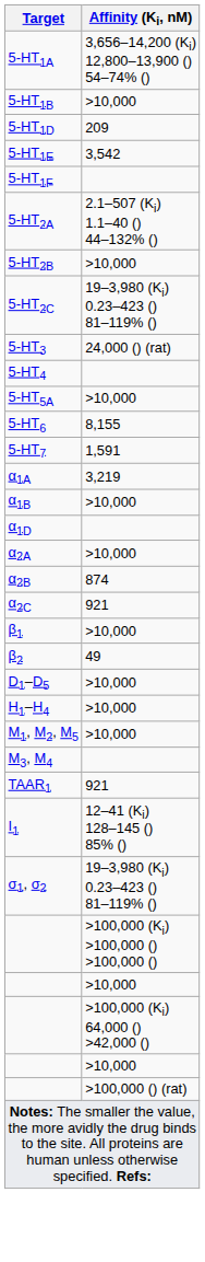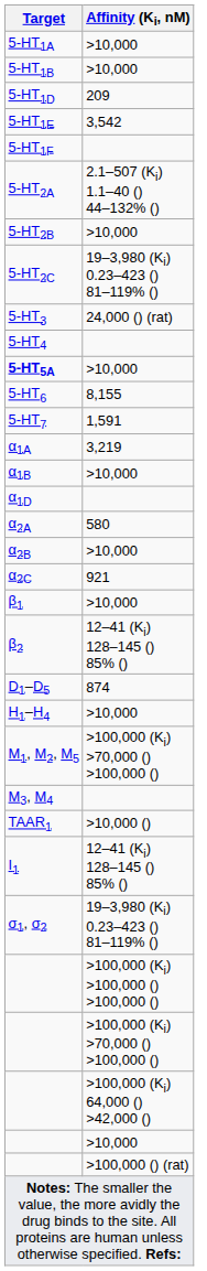 <table class="wikitable floatleft" style="font-size:small;">
 <tr>
 <th><a href='#'>Target</a></th>
 <th><a href='#'>Affinity</a> (K<sub>i</sub>, nM)</th>
 </tr>
 <tr>
 <td><a href='#'>5-HT<sub>1A</sub></a></td>
-<td>3,656–14,200 (K<sub>i</sub>)<br>12,800–13,900 ()<br>54–74% ()</td>
+<td>>10,000</td>
 </tr>
 <tr>
 <td><a href='#'>5-HT<sub>1B</sub></a></td>
 <td>>10,000</td>
 </tr>
 <tr>
 <td><a href='#'>5-HT<sub>1D</sub></a></td>
 <td>209</td>
 </tr>
 <tr>
 <td><a href='#'>5-HT<sub>1E</sub></a></td>
 <td>3,542</td>
 </tr>
 <tr>
 <td><a href='#'>5-HT<sub>1F</sub></a></td>
 <td></td>
 </tr>
 <tr>
 <td><a href='#'>5-HT<sub>2A</sub></a></td>
 <td>2.1–507 (K<sub>i</sub>)<br>1.1–40 ()<br>44–132% ()</td>
 </tr>
 <tr>
 <td><a href='#'>5-HT<sub>2B</sub></a></td>
 <td>>10,000</td>
 </tr>
 <tr>
 <td><a href='#'>5-HT<sub>2C</sub></a></td>
 <td>19–3,980 (K<sub>i</sub>)<br>0.23–423 ()<br>81–119% ()</td>
 </tr>
 <tr>
 <td><a href='#'>5-HT<sub>3</sub></a></td>
 <td>24,000 () (rat)</td>
 </tr>
 <tr>
 <td><a href='#'>5-HT<sub>4</sub></a></td>
 <td></td>
 </tr>
 <tr>
-<td><a href='#'>5-HT<sub>5A</sub></a></td>
+<td><strong><a href='#'>5-HT<sub>5A</sub></a></strong></td>
 <td>>10,000</td>
 </tr>
 <tr>
 <td><a href='#'>5-HT<sub>6</sub></a></td>
 <td>8,155</td>
 </tr>
 <tr>
 <td><a href='#'>5-HT<sub>7</sub></a></td>
 <td>1,591</td>
 </tr>
 <tr>
 <td><a href='#'>α<sub>1A</sub></a></td>
 <td>3,219</td>
 </tr>
 <tr>
 <td><a href='#'>α<sub>1B</sub></a></td>
 <td>>10,000</td>
 </tr>
 <tr>
 <td><a href='#'>α<sub>1D</sub></a></td>
 <td></td>
 </tr>
 <tr>
 <td><a href='#'>α<sub>2A</sub></a></td>
-<td>>10,000</td>
+<td>580</td>
 </tr>
 <tr>
 <td><a href='#'>α<sub>2B</sub></a></td>
-<td>874</td>
+<td>>10,000</td>
 </tr>
 <tr>
 <td><a href='#'>α<sub>2C</sub></a></td>
 <td>921</td>
 </tr>
 <tr>
 <td><a href='#'>β<sub>1</sub></a></td>
 <td>>10,000</td>
 </tr>
 <tr>
 <td><a href='#'>β<sub>2</sub></a></td>
-<td>49</td>
+<td>12–41 (K<sub>i</sub>)<br>128–145 ()<br>85% ()</td>
 </tr>
 <tr>
 <td><a href='#'>D<sub>1</sub></a>–<a href='#'>D<sub>5</sub></a></td>
-<td>>10,000</td>
+<td>874</td>
 </tr>
 <tr>
 <td><a href='#'>H<sub>1</sub></a>–<a href='#'>H<sub>4</sub></a></td>
 <td>>10,000</td>
 </tr>
 <tr>
 <td><a href='#'>M<sub>1</sub></a>, <a href='#'>M<sub>2</sub></a>, <a href='#'>M<sub>5</sub></a></td>
-<td>>10,000</td>
+<td>>100,000 (K<sub>i</sub>)<br>>70,000 ()<br>>100,000 ()</td>
 </tr>
 <tr>
 <td><a href='#'>M<sub>3</sub></a>, <a href='#'>M<sub>4</sub></a></td>
 <td></td>
 </tr>
 <tr>
 <td><a href='#'>TAAR<sub>1</sub></a></td>
-<td>921</td>
+<td>>10,000 ()</td>
 </tr>
 <tr>
 <td><a href='#'>I<sub>1</sub></a></td>
 <td>12–41 (K<sub>i</sub>)<br>128–145 ()<br>85% ()</td>
 </tr>
 <tr>
 <td><a href='#'>σ<sub>1</sub></a>, <a href='#'>σ<sub>2</sub></a></td>
 <td>19–3,980 (K<sub>i</sub>)<br>0.23–423 ()<br>81–119% ()</td>
 </tr>
 <tr>
 <td></td>
 <td>>100,000 (K<sub>i</sub>)<br>>100,000 ()<br>>100,000 ()</td>
 </tr>
 <tr>
 <td></td>
-<td>>10,000</td>
+<td>>100,000 (K<sub>i</sub>)<br>>70,000 ()<br>>100,000 ()</td>
 </tr>
 <tr>
 <td></td>
 <td>>100,000 (K<sub>i</sub>)<br>64,000 ()<br>>42,000 ()</td>
 </tr>
 <tr>
 <td></td>
 <td>>10,000</td>
 </tr>
 <tr>
 <td></td>
 <td>>100,000 () (rat)</td>
 </tr>
 <tr class="sortbottom">
 <td colspan="2" style="width: 1px; background-color:#eaecf0; text-align: center;"><strong>Notes:</strong> The smaller the value, the more avidly the drug binds to the site. All proteins are human unless otherwise specified. <strong>Refs:</strong> </td>
 </tr>
 </table>
